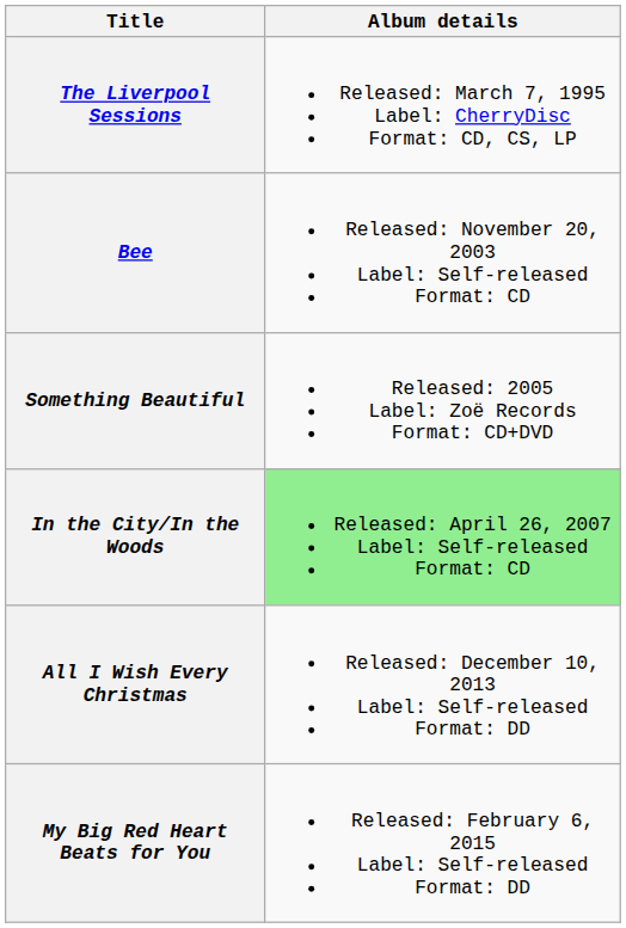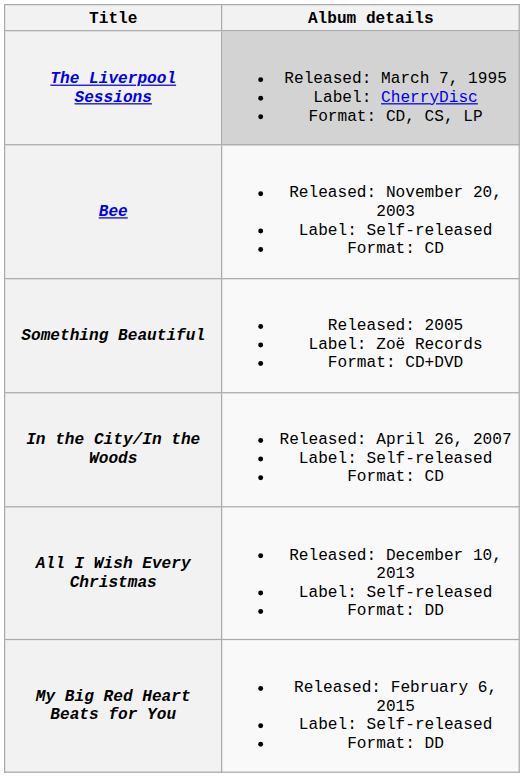 <table class="wikitable plainrowheaders" style="text-align:center;" border="1">
 <tr>
 <th scope="col" style="width:13em;">Title</th>
 <th scope="col" style="width:18em;">Album details</th>
 </tr>
 <tr>
 <th scope="row"><em><a href='#'>The Liverpool Sessions</a></em></th>
-<td><br><ul><li>Released: March 7, 1995</li><li>Label: <a href='#'>CherryDisc</a></li><li>Format: CD, CS, LP</li></ul></td>
+<td style="background: lightgrey;"><br><ul><li>Released: March 7, 1995</li><li>Label: <a href='#'>CherryDisc</a></li><li>Format: CD, CS, LP</li></ul></td>
 </tr>
 <tr>
 <th scope="row"><em><a href='#'>Bee</a></em></th>
 <td><br><ul><li>Released: November 20, 2003</li><li>Label: Self-released</li><li>Format: CD</li></ul></td>
 </tr>
 <tr>
 <th scope="row"><em>Something Beautiful</em></th>
 <td><br><ul><li>Released: 2005</li><li>Label: Zoë Records</li><li>Format: CD+DVD</li></ul></td>
 </tr>
 <tr>
 <th scope="row"><em>In the City/In the Woods</em></th>
-<td style="background: lightgreen;"><br><ul><li>Released: April 26, 2007</li><li>Label: Self-released</li><li>Format: CD</li></ul></td>
+<td><br><ul><li>Released: April 26, 2007</li><li>Label: Self-released</li><li>Format: CD</li></ul></td>
 </tr>
 <tr>
 <th scope="row"><em>All I Wish Every Christmas</em></th>
 <td><br><ul><li>Released: December 10, 2013</li><li>Label: Self-released</li><li>Format: DD</li></ul></td>
 </tr>
 <tr>
 <th scope="row"><em>My Big Red Heart Beats for You</em></th>
 <td><br><ul><li>Released: February 6, 2015</li><li>Label: Self-released</li><li>Format: DD</li></ul></td>
 </tr>
 </table>
